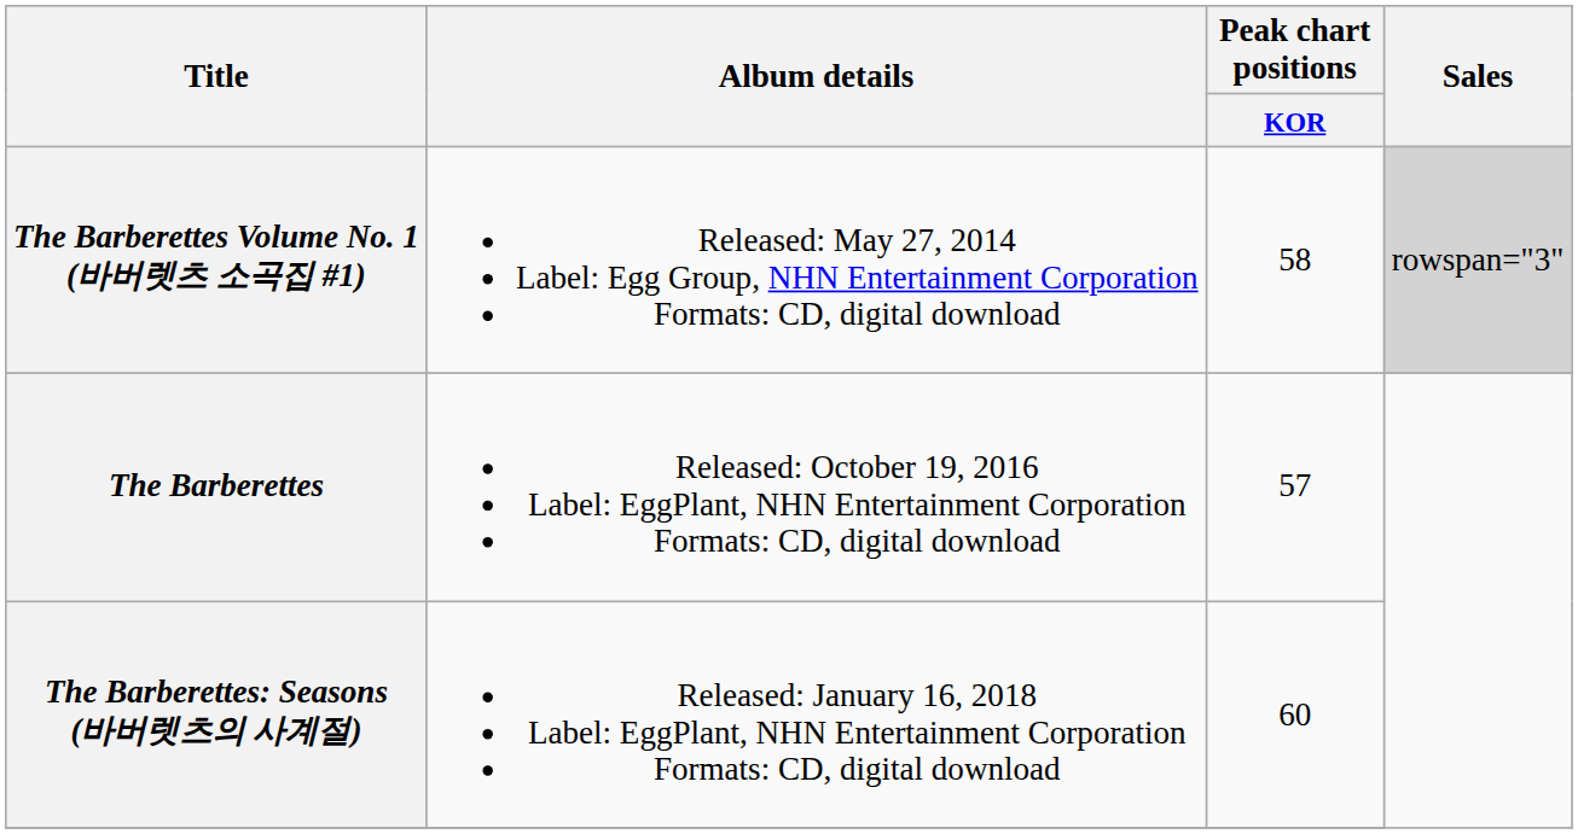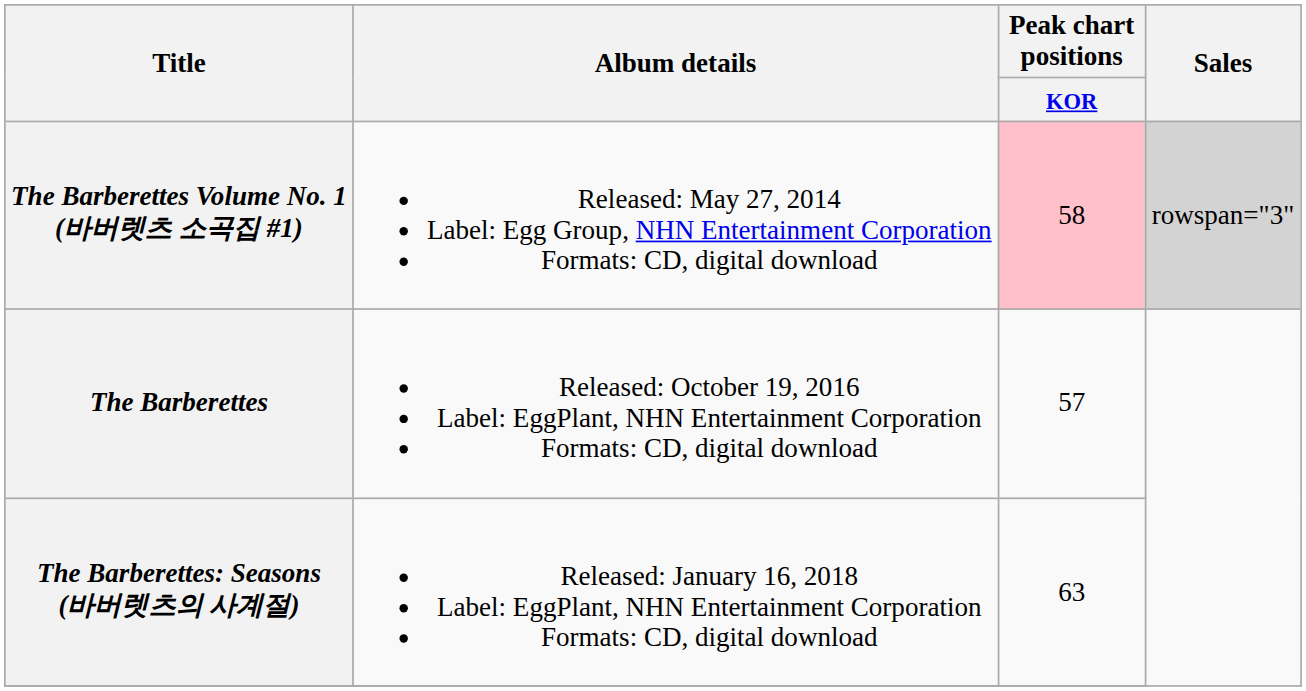 <table class="wikitable plainrowheaders" style="text-align:center;">
 <tr>
 <th scope="col" rowspan="2">Title</th>
 <th scope="col" rowspan="2">Album details</th>
 <th scope="col" colspan="1" style="width:5em;">Peak chart positions</th>
 <th scope="col" rowspan="2">Sales</th>
 </tr>
 <tr>
 <th><small><a href='#'>KOR</a></small><br></th>
 </tr>
 <tr>
 <th scope="row"><em>The Barberettes Volume No. 1<br>(바버렛츠 소곡집 #1)</em></th>
 <td><br><ul><li>Released: May 27, 2014</li><li>Label: Egg Group, <a href='#'>NHN Entertainment Corporation</a></li><li>Formats: CD, digital download</li></ul></td>
-<td>58</td>
+<td style="background: pink;">58</td>
 <td style="background: lightgrey;">rowspan="3" </td>
 </tr>
 <tr>
 <th scope="row"><em>The Barberettes</em></th>
 <td><br><ul><li>Released: October 19, 2016</li><li>Label: EggPlant, NHN Entertainment Corporation</li><li>Formats: CD, digital download</li></ul></td>
 <td>57</td>
 </tr>
 <tr>
 <th scope="row"><em>The Barberettes: Seasons<br>(바버렛츠의 사계절)</em></th>
 <td><br><ul><li>Released: January 16, 2018</li><li>Label: EggPlant, NHN Entertainment Corporation</li><li>Formats: CD, digital download</li></ul></td>
-<td>60</td>
+<td>63</td>
 </tr>
 <tr>
 </tr>
 </table>
